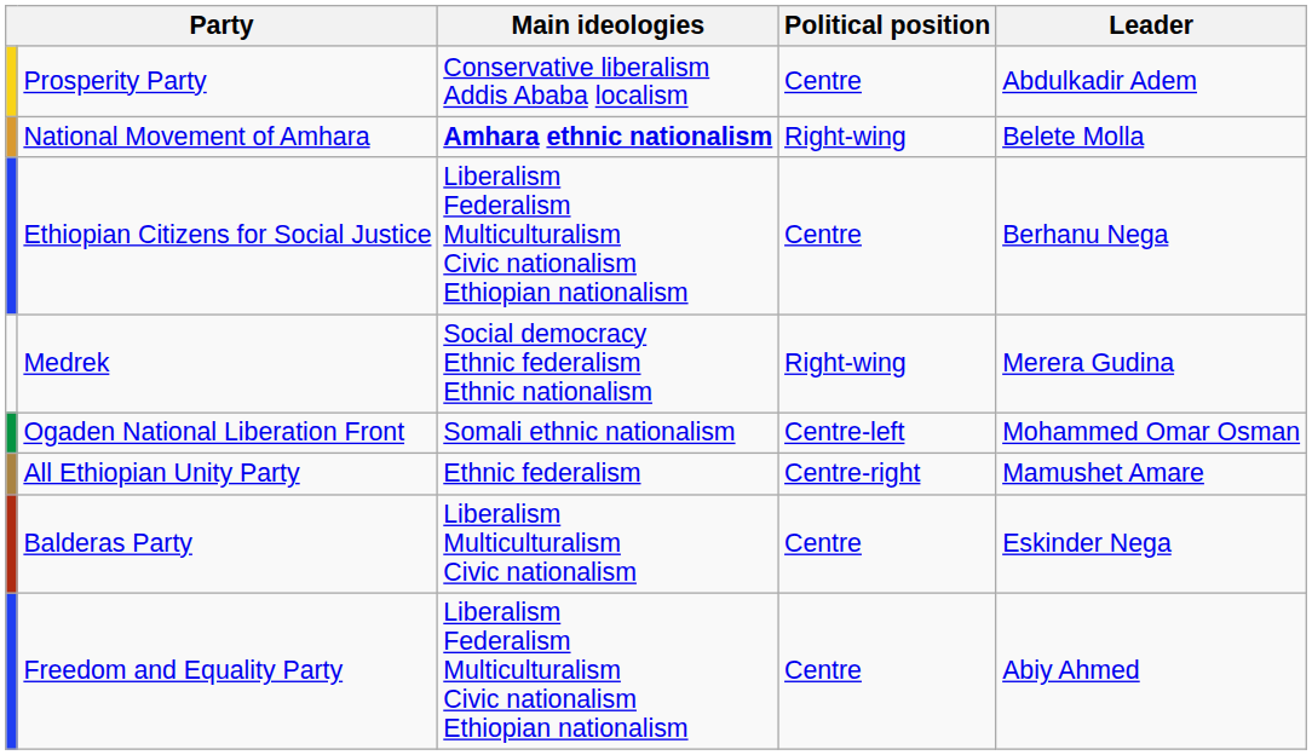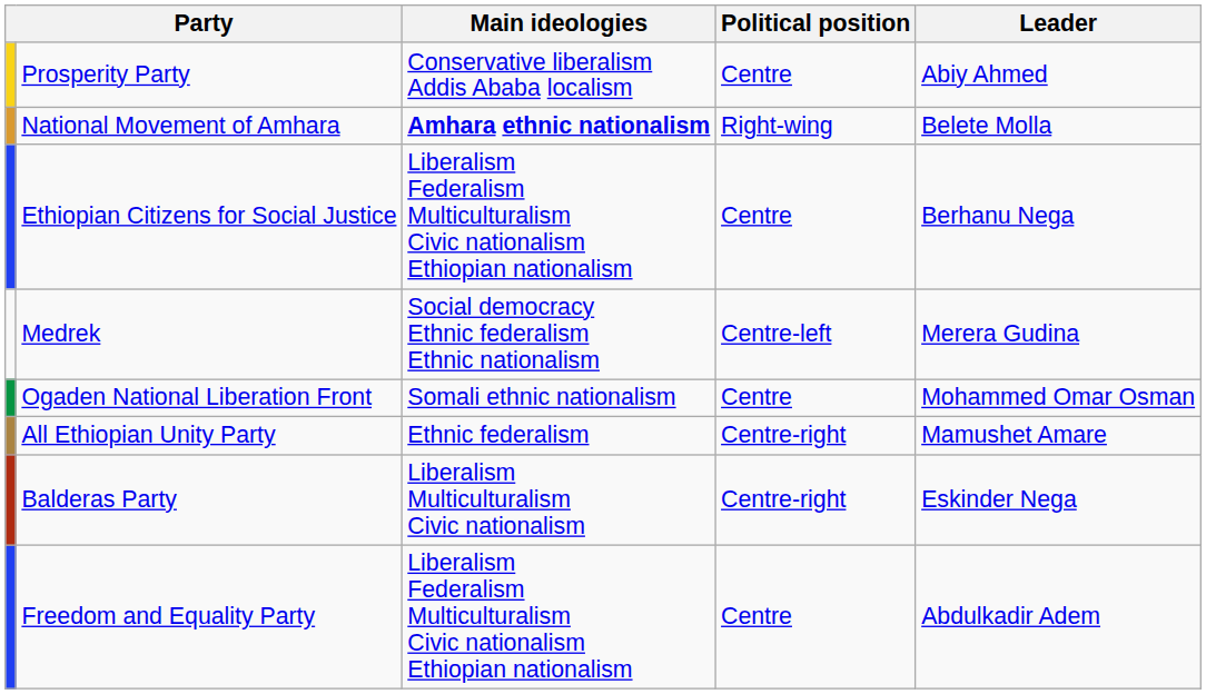 <table class="wikitable">
 <tr>
 <th colspan="2">Party</th>
 <th>Main ideologies</th>
 <th>Political position</th>
 <th>Leader</th>
 </tr>
 <tr>
 <td style="background:#F9D416"></td>
 <td><a href='#'>Prosperity Party</a></td>
 <td><a href='#'>Conservative liberalism</a><br><a href='#'>Addis Ababa</a> <a href='#'>localism</a></td>
 <td><a href='#'>Centre</a></td>
-<td><a href='#'>Abdulkadir Adem</a></td>
+<td><a href='#'>Abiy Ahmed</a></td>
 </tr>
 <tr>
 <td style="background:#D99A30"></td>
 <td><a href='#'>National Movement of Amhara</a></td>
 <td><strong><a href='#'>Amhara</a> <a href='#'>ethnic nationalism</a></strong></td>
 <td><a href='#'>Right-wing</a></td>
 <td><a href='#'>Belete Molla</a></td>
 </tr>
 <tr>
 <td style="background:#203FF2"></td>
 <td><a href='#'>Ethiopian Citizens for Social Justice</a></td>
 <td><a href='#'>Liberalism</a><br><a href='#'>Federalism</a><br><a href='#'>Multiculturalism</a><br><a href='#'>Civic nationalism</a><br><a href='#'>Ethiopian nationalism</a></td>
 <td><a href='#'>Centre</a></td>
 <td><a href='#'>Berhanu Nega</a></td>
 </tr>
 <tr>
 <td style="background:"></td>
 <td><a href='#'>Medrek</a></td>
 <td><a href='#'>Social democracy</a><br><a href='#'>Ethnic federalism</a><br><a href='#'>Ethnic nationalism</a></td>
-<td><a href='#'>Right-wing</a></td>
+<td><a href='#'>Centre-left</a></td>
 <td><a href='#'>Merera Gudina</a></td>
 </tr>
 <tr>
 <td style="background:#059442"></td>
 <td><a href='#'>Ogaden National Liberation Front</a></td>
 <td><a href='#'>Somali ethnic nationalism</a></td>
-<td><a href='#'>Centre-left</a></td>
+<td><a href='#'>Centre</a></td>
 <td><a href='#'>Mohammed Omar Osman</a></td>
 </tr>
 <tr>
 <td style="background:#AA8442"></td>
 <td><a href='#'>All Ethiopian Unity Party</a></td>
 <td><a href='#'>Ethnic federalism</a></td>
 <td><a href='#'>Centre-right</a></td>
 <td><a href='#'>Mamushet Amare</a></td>
 </tr>
 <tr>
 <td style="background:#AF2B11"></td>
 <td><a href='#'>Balderas Party</a></td>
 <td><a href='#'>Liberalism</a><br><a href='#'>Multiculturalism</a><br><a href='#'>Civic nationalism</a></td>
-<td><a href='#'>Centre</a></td>
+<td><a href='#'>Centre-right</a></td>
 <td><a href='#'>Eskinder Nega</a></td>
 </tr>
 <tr>
 <td style="background:#203FF2"></td>
 <td><a href='#'>Freedom and Equality Party</a></td>
 <td><a href='#'>Liberalism</a><br><a href='#'>Federalism</a><br><a href='#'>Multiculturalism</a><br><a href='#'>Civic nationalism</a><br><a href='#'>Ethiopian nationalism</a></td>
 <td><a href='#'>Centre</a></td>
-<td><a href='#'>Abiy Ahmed</a></td>
+<td><a href='#'>Abdulkadir Adem</a></td>
 </tr>
 </table>
